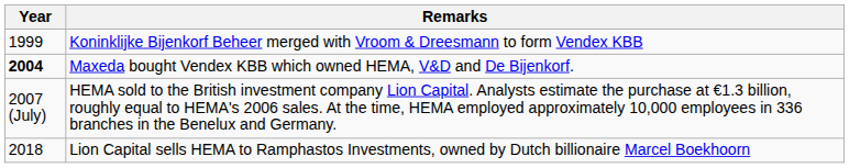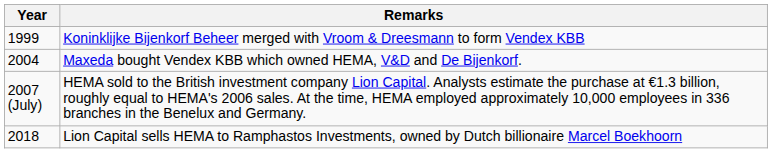 <table class=wikitable>
 <tr>
 <th>Year</th>
 <th>Remarks</th>
 </tr>
 <tr>
 <td>1999</td>
 <td><a href='#'>Koninklijke Bijenkorf Beheer</a> merged with <a href='#'>Vroom & Dreesmann</a> to form <a href='#'>Vendex KBB</a></td>
 </tr>
 <tr>
-<td><strong>2004</strong></td>
+<td>2004</td>
 <td><a href='#'>Maxeda</a> bought Vendex KBB which owned HEMA, <a href='#'>V&D</a> and <a href='#'>De Bijenkorf</a>.</td>
 </tr>
 <tr>
 <td>2007 (July)</td>
 <td>HEMA sold to the British investment company <a href='#'>Lion Capital</a>. Analysts estimate the purchase at €1.3 billion, roughly equal to HEMA's 2006 sales. At the time, HEMA employed approximately 10,000 employees in 336 branches in the Benelux and Germany.</td>
 </tr>
 <tr>
 <td>2018</td>
 <td>Lion Capital sells HEMA to Ramphastos Investments, owned by Dutch billionaire <a href='#'>Marcel Boekhoorn</a></td>
 </tr>
 </table>
